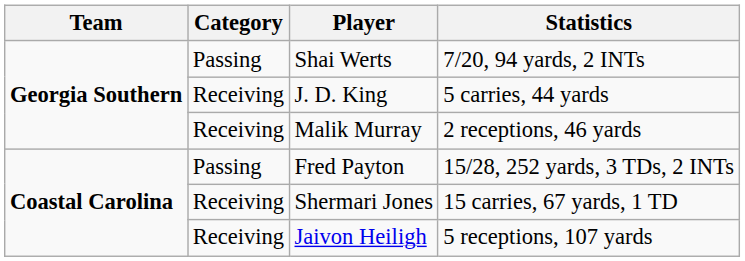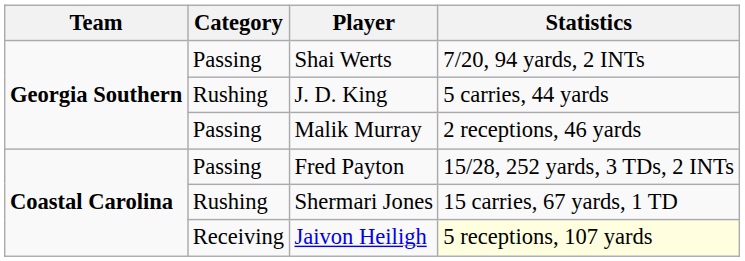 <table class="wikitable" style="float: left;">
 <tr>
 <th>Team</th>
 <th>Category</th>
 <th>Player</th>
 <th>Statistics</th>
 </tr>
 <tr>
 <td rowspan=3><strong>Georgia Southern</strong></td>
 <td>Passing</td>
 <td>Shai Werts</td>
 <td>7/20, 94 yards, 2 INTs</td>
 </tr>
 <tr>
-<td>Receiving</td>
+<td>Rushing</td>
 <td>J. D. King</td>
 <td>5 carries, 44 yards</td>
 </tr>
 <tr>
-<td>Receiving</td>
+<td>Passing</td>
 <td>Malik Murray</td>
 <td>2 receptions, 46 yards</td>
 </tr>
 <tr>
 <td rowspan=3><strong>Coastal Carolina</strong></td>
 <td>Passing</td>
 <td>Fred Payton</td>
 <td>15/28, 252 yards, 3 TDs, 2 INTs</td>
 </tr>
 <tr>
-<td>Receiving</td>
+<td>Rushing</td>
 <td>Shermari Jones</td>
 <td>15 carries, 67 yards, 1 TD</td>
 </tr>
 <tr>
 <td>Receiving</td>
 <td><a href='#'>Jaivon Heiligh</a></td>
-<td>5 receptions, 107 yards</td>
+<td style="background: lightyellow;">5 receptions, 107 yards</td>
 </tr>
 </table>
